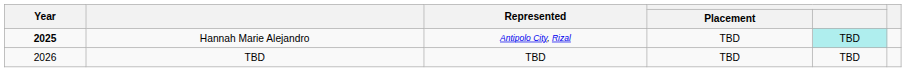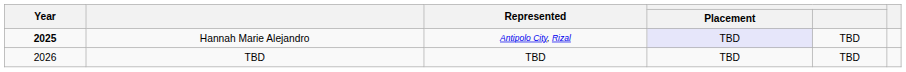 <table class="wikitable" style="text-align:center; line-height:20px; font-size:90%; width:100%;">
 <tr>
 <th rowspan="2">Year</th>
 <th rowspan="2"></th>
 <th rowspan="2">Represented</th>
 <th colspan="2"></th>
 <th rowspan="2"></th>
 </tr>
 <tr>
 <th>Placement</th>
 <th></th>
 </tr>
 <tr>
 <td><strong>2025</strong></td>
 <td>Hannah Marie Alejandro</td>
 <td><em><small><a href='#'>Antipolo City</a>, <a href='#'>Rizal</a></small></em></td>
+<td style="background: lavender;">TBD</td>
 <td>TBD</td>
-<td style="background: paleturquoise;">TBD</td>
 <td></td>
 </tr>
 <tr>
 <td>2026</td>
 <td>TBD</td>
 <td>TBD</td>
 <td>TBD</td>
 <td>TBD</td>
 <td></td>
 </tr>
 </table>
